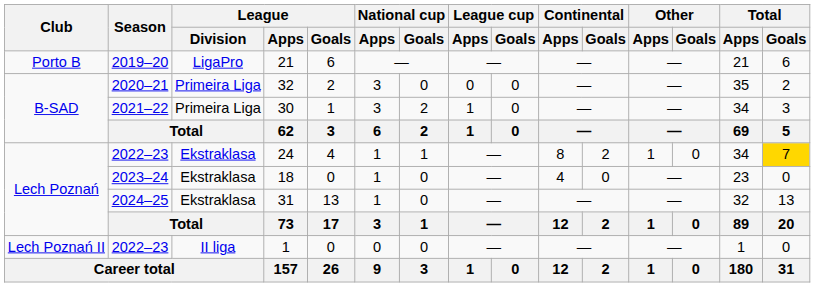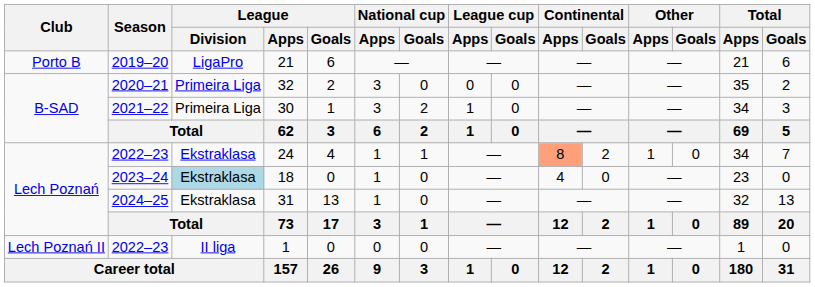 <table class="wikitable" style="text-align: center;">
 <tr>
 <th rowspan=2>Club</th>
 <th rowspan=2>Season</th>
 <th colspan=3>League</th>
 <th colspan=2>National cup</th>
 <th colspan=2>League cup</th>
 <th colspan=2>Continental</th>
 <th colspan=2>Other</th>
 <th colspan=2>Total</th>
 </tr>
 <tr>
 <th>Division</th>
 <th>Apps</th>
 <th>Goals</th>
 <th>Apps</th>
 <th>Goals</th>
 <th>Apps</th>
 <th>Goals</th>
 <th>Apps</th>
 <th>Goals</th>
 <th>Apps</th>
 <th>Goals</th>
 <th>Apps</th>
 <th>Goals</th>
 </tr>
 <tr>
 <td><a href='#'>Porto B</a></td>
 <td><a href='#'>2019–20</a></td>
 <td><a href='#'>LigaPro</a></td>
 <td>21</td>
 <td>6</td>
 <td colspan="2">—</td>
 <td colspan="2">—</td>
 <td colspan="2">—</td>
 <td colspan="2">—</td>
 <td>21</td>
 <td>6</td>
 </tr>
 <tr>
 <td rowspan="3"><a href='#'>B-SAD</a></td>
 <td><a href='#'>2020–21</a></td>
 <td><a href='#'>Primeira Liga</a></td>
 <td>32</td>
 <td>2</td>
 <td>3</td>
 <td>0</td>
 <td>0</td>
 <td>0</td>
 <td colspan="2">—</td>
 <td colspan="2">—</td>
 <td>35</td>
 <td>2</td>
 </tr>
 <tr>
 <td><a href='#'>2021–22</a></td>
 <td>Primeira Liga</td>
 <td>30</td>
 <td>1</td>
 <td>3</td>
 <td>2</td>
 <td>1</td>
 <td>0</td>
 <td colspan="2">—</td>
 <td colspan="2">—</td>
 <td>34</td>
 <td>3</td>
 </tr>
 <tr>
 <th colspan="2">Total</th>
 <th>62</th>
 <th>3</th>
 <th>6</th>
 <th>2</th>
 <th>1</th>
 <th>0</th>
 <th colspan="2">—</th>
 <th colspan="2">—</th>
 <th>69</th>
 <th>5</th>
 </tr>
 <tr>
 <td rowspan="4"><a href='#'>Lech Poznań</a></td>
 <td><a href='#'>2022–23</a></td>
 <td><a href='#'>Ekstraklasa</a></td>
 <td>24</td>
 <td>4</td>
 <td>1</td>
 <td>1</td>
 <td colspan="2">—</td>
-<td>8</td>
+<td style="background: lightsalmon;">8</td>
 <td>2</td>
 <td>1</td>
 <td>0</td>
 <td>34</td>
-<td style="background: gold;">7</td>
+<td>7</td>
 </tr>
 <tr>
 <td><a href='#'>2023–24</a></td>
-<td>Ekstraklasa</td>
+<td style="background: lightblue;">Ekstraklasa</td>
 <td>18</td>
 <td>0</td>
 <td>1</td>
 <td>0</td>
 <td colspan="2">—</td>
 <td>4</td>
 <td>0</td>
 <td colspan="2">—</td>
 <td>23</td>
 <td>0</td>
 </tr>
 <tr>
 <td><a href='#'>2024–25</a></td>
 <td>Ekstraklasa</td>
 <td>31</td>
 <td>13</td>
 <td>1</td>
 <td>0</td>
 <td colspan="2">—</td>
 <td colspan="2">—</td>
 <td colspan="2">—</td>
 <td>32</td>
 <td>13</td>
 </tr>
 <tr>
 <th colspan="2">Total</th>
 <th>73</th>
 <th>17</th>
 <th>3</th>
 <th>1</th>
 <th colspan="2">—</th>
 <th>12</th>
 <th>2</th>
 <th>1</th>
 <th>0</th>
 <th>89</th>
 <th>20</th>
 </tr>
 <tr>
 <td><a href='#'>Lech Poznań II</a></td>
 <td><a href='#'>2022–23</a></td>
 <td><a href='#'>II liga</a></td>
 <td>1</td>
 <td>0</td>
 <td>0</td>
 <td>0</td>
 <td colspan="2">—</td>
 <td colspan="2">—</td>
 <td colspan="2">—</td>
 <td>1</td>
 <td>0</td>
 </tr>
 <tr>
 <th colspan="3">Career total</th>
 <th>157</th>
 <th>26</th>
 <th>9</th>
 <th>3</th>
 <th>1</th>
 <th>0</th>
 <th>12</th>
 <th>2</th>
 <th>1</th>
 <th>0</th>
 <th>180</th>
 <th>31</th>
 </tr>
 </table>
